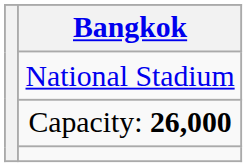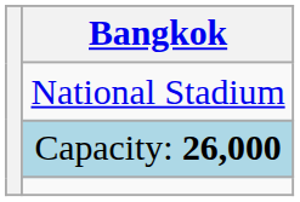 <table class="wikitable" style="text-align:center">
 <tr>
 <th rowspan=4></th>
 <th><a href='#'>Bangkok</a></th>
 </tr>
 <tr>
 <td><a href='#'>National Stadium</a></td>
 </tr>
 <tr>
-<td>Capacity: <strong>26,000</strong></td>
+<td style="background: lightblue;">Capacity: <strong>26,000</strong></td>
 </tr>
 <tr>
 <td></td>
 </tr>
 </table>
